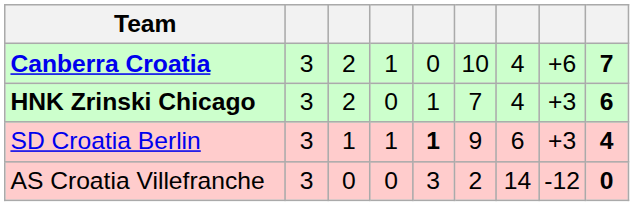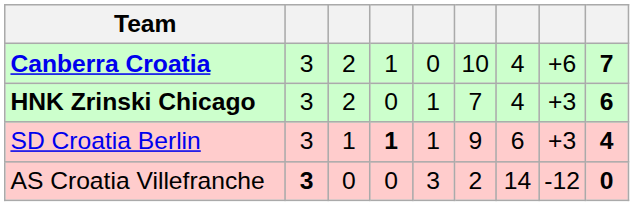 <table class="wikitable" style="text-align:center;">
 <tr>
 <th width=175>Team</th>
 <th width=20 abbr="Played"></th>
 <th width=20 abbr="Won"></th>
 <th width=20 abbr="Drawn"></th>
 <th width=20 abbr="Lost"></th>
 <th width=20 abbr="Goals for"></th>
 <th width=20 abbr="Goals against"></th>
 <th width=20 abbr="Goal difference"></th>
 <th width=20 abbr="Points"></th>
 </tr>
 <tr bgcolor=#ccffcc>
 <td align="left"><strong><a href='#'>Canberra Croatia</a></strong></td>
 <td>3</td>
 <td>2</td>
 <td>1</td>
 <td>0</td>
 <td>10</td>
 <td>4</td>
 <td>+6</td>
 <td><strong>7</strong></td>
 </tr>
 <tr bgcolor=#ccffcc>
 <td align="left"><strong>HNK Zrinski Chicago</strong></td>
 <td>3</td>
 <td>2</td>
 <td>0</td>
 <td>1</td>
 <td>7</td>
 <td>4</td>
 <td>+3</td>
 <td><strong>6</strong></td>
 </tr>
 <tr bgcolor=#ffcccc>
 <td align="left"><a href='#'>SD Croatia Berlin</a></td>
 <td>3</td>
 <td>1</td>
+<td><strong>1</strong></td>
 <td>1</td>
-<td><strong>1</strong></td>
 <td>9</td>
 <td>6</td>
 <td>+3</td>
 <td><strong>4</strong></td>
 </tr>
 <tr bgcolor=#ffcccc>
 <td align="left">AS Croatia Villefranche</td>
-<td>3</td>
+<td><strong>3</strong></td>
 <td>0</td>
 <td>0</td>
 <td>3</td>
 <td>2</td>
 <td>14</td>
 <td>-12</td>
 <td><strong>0</strong></td>
 </tr>
 </table>
